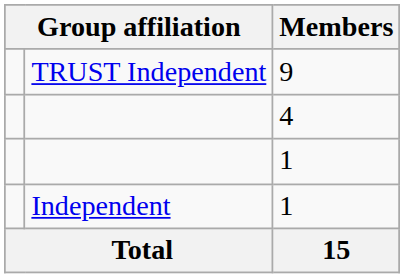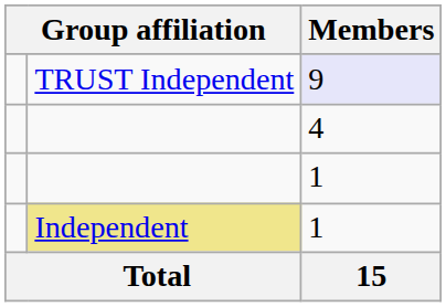 <table class="wikitable">
 <tr>
 <th colspan="2"  style="text-align:center; vertical-align:top;">Group affiliation</th>
 <th valign="top">Members<br></th>
 </tr>
 <tr>
 <td style="background-color:"> </td>
 <td><a href='#'>TRUST Independent</a> <br></td>
-<td>9</td>
+<td style="background: lavender;">9</td>
 </tr>
 <tr>
 <td style="background-color:"> </td>
 <td><a href='#'></a> <br></td>
 <td>4</td>
 </tr>
 <tr>
 <td style="width: 4px" bgcolor=></td>
 <td style="text-align: left;" scope="row"><a href='#'></a></td>
 <td>1</td>
 </tr>
 <tr>
 <td style="background-color:"> </td>
-<td><a href='#'>Independent</a> <br></td>
+<td style="background: khaki;"><a href='#'>Independent</a> <br></td>
 <td>1</td>
 </tr>
 <tr>
 <th colspan="2"> Total<br></th>
 <th>15</th>
 </tr>
 </table>
